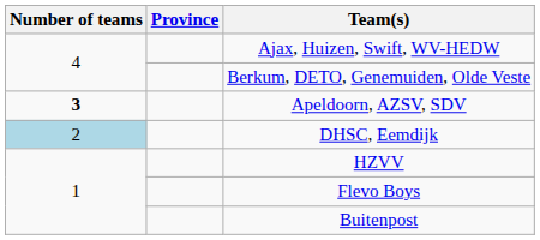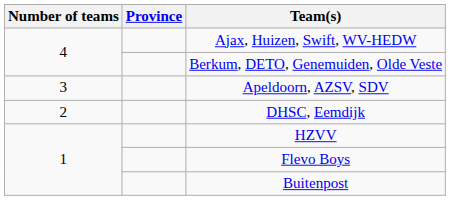 <table class="wikitable" style="text-align:center">
 <tr>
 <th>Number of teams</th>
 <th><a href='#'>Province</a></th>
 <th>Team(s)</th>
 </tr>
 <tr>
 <td rowspan="2">4</td>
 <td align="left"></td>
 <td><a href='#'>Ajax</a>, <a href='#'>Huizen</a>, <a href='#'>Swift</a>, <a href='#'>WV-HEDW</a></td>
 </tr>
 <tr>
 <td align="left"></td>
 <td><a href='#'>Berkum</a>, <a href='#'>DETO</a>, <a href='#'>Genemuiden</a>, <a href='#'>Olde Veste</a></td>
 </tr>
 <tr>
-<td><strong>3</strong></td>
+<td>3</td>
 <td align="left"></td>
 <td><a href='#'>Apeldoorn</a>, <a href='#'>AZSV</a>, <a href='#'>SDV</a></td>
 </tr>
 <tr>
-<td style="background: lightblue;">2</td>
+<td>2</td>
 <td align="left"></td>
 <td><a href='#'>DHSC</a>, <a href='#'>Eemdijk</a></td>
 </tr>
 <tr>
 <td rowspan="3">1</td>
 <td align="left"></td>
 <td><a href='#'>HZVV</a></td>
 </tr>
 <tr>
 <td align="left"></td>
 <td><a href='#'>Flevo Boys</a></td>
 </tr>
 <tr>
 <td align="left"></td>
 <td><a href='#'>Buitenpost</a></td>
 </tr>
 </table>
